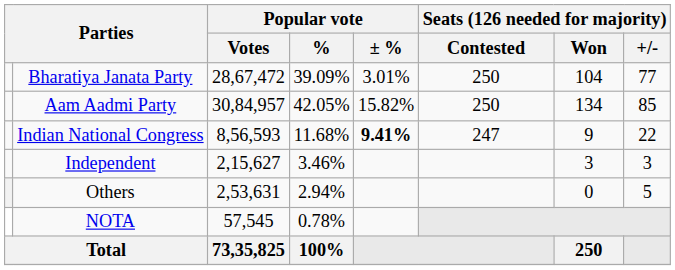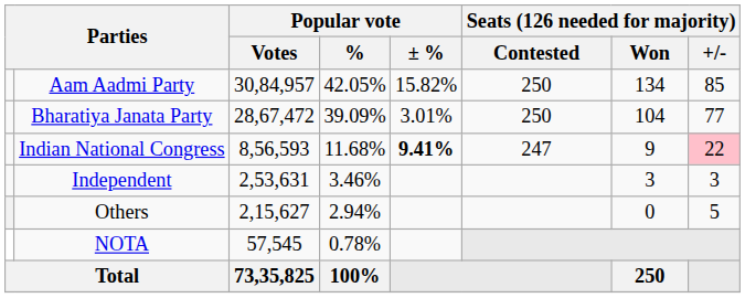 <table class="wikitable" style="text-align:center">
 <tr>
 <th colspan="2" rowspan="2">Parties</th>
 <th colspan="3">Popular vote</th>
 <th colspan="3">Seats (126 needed for majority)</th>
 </tr>
 <tr>
 <th>Votes</th>
 <th>%</th>
 <th>± %</th>
 <th>Contested</th>
 <th>Won</th>
 <th>+/-</th>
 </tr>
 <tr>
 <td></td>
+<td><a href='#'>Aam Aadmi Party</a></td>
+<td>30,84,957</td>
+<td>42.05%</td>
+<td>15.82%</td>
+<td>250</td>
+<td>134</td>
+<td>85</td>
+</tr>
+<tr>
+<td></td>
 <td><a href='#'>Bharatiya Janata Party</a></td>
 <td>28,67,472</td>
 <td>39.09%</td>
 <td>3.01%</td>
 <td>250</td>
 <td>104</td>
 <td>77</td>
 </tr>
 <tr>
 <td></td>
-<td><a href='#'>Aam Aadmi Party</a></td>
-<td>30,84,957</td>
-<td>42.05%</td>
-<td>15.82%</td>
-<td>250</td>
-<td>134</td>
-<td>85</td>
-</tr>
-<tr>
-<td></td>
 <td><a href='#'>Indian National Congress</a></td>
 <td>8,56,593</td>
 <td>11.68%</td>
 <td><strong>9.41%</strong></td>
 <td>247</td>
 <td>9</td>
-<td>22</td>
+<td style="background: pink;">22</td>
 </tr>
 <tr>
 <td></td>
 <td><a href='#'>Independent</a></td>
-<td>2,15,627</td>
+<td>2,53,631</td>
 <td>3.46%</td>
 <td></td>
 <td></td>
 <td>3</td>
 <td>3</td>
 </tr>
 <tr>
 <th rowspan="1"></th>
 <td>Others</td>
-<td>2,53,631</td>
+<td>2,15,627</td>
 <td>2.94%</td>
 <td></td>
 <td></td>
 <td>0</td>
 <td>5</td>
 </tr>
 <tr>
 <td bgcolor="FFFFFF"></td>
 <td><a href='#'>NOTA</a></td>
 <td>57,545</td>
 <td>0.78%</td>
 <td></td>
 <td Colspan=3 bgcolor="#E9E9E9"></td>
 </tr>
 <tr style="font-weight:bold;">
 <th align="centre" colspan="2">Total</th>
 <th>73,35,825</th>
 <th>100%</th>
 <td Colspan=2 bgcolor="#E9E9E9"></td>
 <th>250</th>
 <td bgcolor="#E9E9E9"></td>
 </tr>
 <tr>
 </tr>
 </table>
